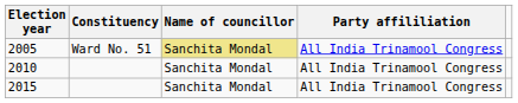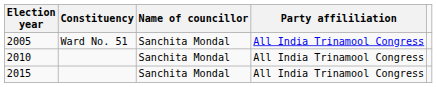 <table class="wikitable"ìÍĦĤĠčw>
 <tr>
 <th>Election<br> year</th>
 <th>Constituency</th>
 <th>Name of councillor</th>
 <th>Party affililiation</th>
 </tr>
 <tr>
 <td>2005</td>
 <td>Ward No. 51</td>
-<td style="background: khaki;">Sanchita Mondal</td>
+<td>Sanchita Mondal</td>
 <td><a href='#'>All India Trinamool Congress</a></td>
 <td></td>
 </tr>
 <tr>
 <td>2010</td>
 <td></td>
 <td>Sanchita Mondal</td>
 <td>All India Trinamool Congress</td>
 <td></td>
 </tr>
 <tr>
 <td>2015</td>
 <td></td>
 <td>Sanchita Mondal</td>
 <td>All India Trinamool Congress</td>
 <td></td>
 </tr>
 </table>
